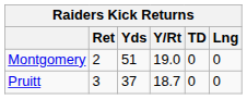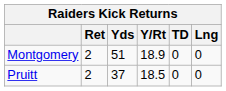 <table class="wikitable">
 <tr>
 <th colspan="6">Raiders Kick Returns</th>
 </tr>
 <tr>
 <th></th>
 <th>Ret</th>
 <th>Yds</th>
 <th>Y/Rt</th>
 <th>TD</th>
 <th>Lng</th>
 </tr>
 <tr>
 <td><a href='#'>Montgomery</a></td>
 <td>2</td>
 <td>51</td>
-<td>19.0</td>
+<td>18.9</td>
 <td>0</td>
 <td>0</td>
 </tr>
 <tr>
 <td><a href='#'>Pruitt</a></td>
-<td>3</td>
+<td>2</td>
 <td>37</td>
-<td>18.7</td>
+<td>18.5</td>
 <td>0</td>
 <td>0</td>
 </tr>
 </table>
